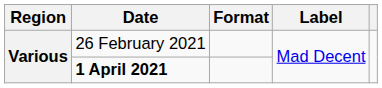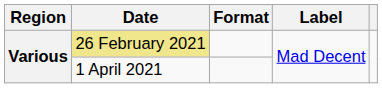 <table class="wikitable plainrowheaders">
 <tr>
 <th scope="col">Region</th>
 <th scope="col">Date</th>
 <th scope="col">Format</th>
 <th scope="col">Label</th>
 <th scope="col"></th>
 </tr>
 <tr>
 <th rowspan="2" scope="row">Various</th>
-<td>26 February 2021</td>
+<td style="background: khaki;">26 February 2021</td>
 <td></td>
 <td rowspan="2"><a href='#'>Mad Decent</a></td>
 <td rowspan="2"></td>
 </tr>
 <tr>
-<td><strong>1 April 2021</strong></td>
+<td>1 April 2021</td>
 <td></td>
 </tr>
 </table>
